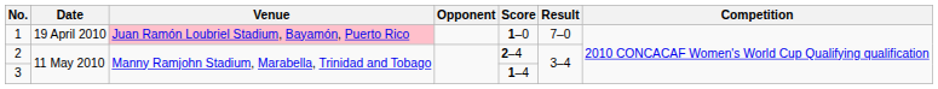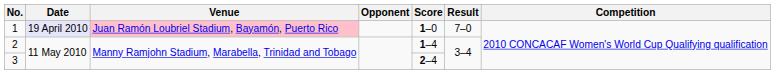 <table class="wikitable">
 <tr>
 <th>No.</th>
 <th>Date</th>
 <th>Venue</th>
 <th>Opponent</th>
 <th>Score</th>
 <th>Result</th>
 <th>Competition</th>
 </tr>
 <tr>
 <td style="text-align:center;">1</td>
-<td>19 April 2010</td>
+<td style="background: lavender;">19 April 2010</td>
 <td style="background: pink;"><a href='#'>Juan Ramón Loubriel Stadium</a>, <a href='#'>Bayamón</a>, <a href='#'>Puerto Rico</a></td>
 <td></td>
 <td style="text-align:center;"><strong>1</strong>–0</td>
 <td style="text-align:center;">7–0</td>
 <td rowspan=3><a href='#'>2010 CONCACAF Women's World Cup Qualifying qualification</a></td>
 </tr>
 <tr>
 <td style="text-align:center;">2</td>
 <td rowspan=2>11 May 2010</td>
 <td rowspan=2><a href='#'>Manny Ramjohn Stadium</a>, <a href='#'>Marabella</a>, <a href='#'>Trinidad and Tobago</a></td>
 <td rowspan=2></td>
-<td><strong>2</strong>–4</td>
+<td style="text-align:center;"><strong>1</strong>–4</td>
 <td rowspan=2 style="text-align:center;">3–4</td>
 </tr>
 <tr style="text-align:center;">
 <td>3</td>
-<td style="text-align:center;"><strong>1</strong>–4</td>
+<td><strong>2</strong>–4</td>
 </tr>
 </table>
